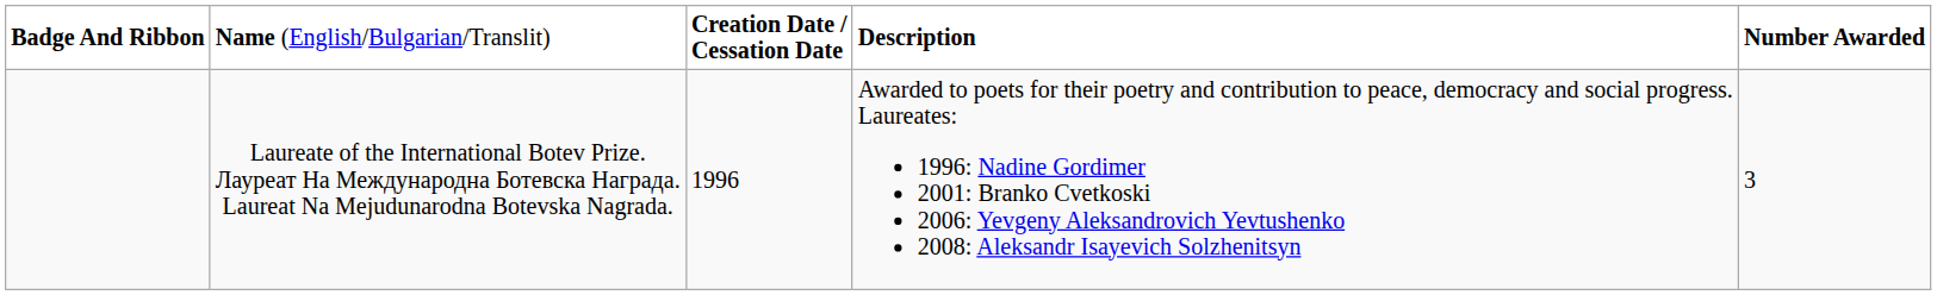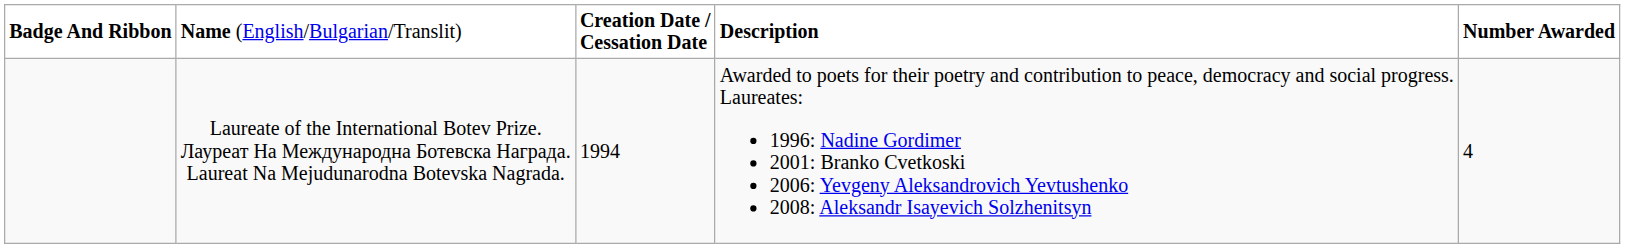 <table class="wikitable">
 <tr bgcolor="#FFFFFF">
 <td><strong>Badge And Ribbon</strong></td>
 <td><strong>Name</strong> (<a href='#'>English</a>/<a href='#'>Bulgarian</a>/Translit)</td>
 <td><strong>Creation Date /<br>Cessation Date</strong></td>
 <td><strong>Description</strong></td>
 <td><strong>Number Awarded</strong></td>
 </tr>
 <tr>
 <td></td>
 <td style="text-align:center;">Laureate of the International Botev Prize.<br>Лауреат На Международна Ботевска Награда.<br>Laureat Na Mejudunarodna Botevska Nagrada.</td>
-<td>1996</td>
+<td>1994</td>
 <td>Awarded to poets for their poetry and contribution to peace, democracy and social progress.<br>Laureates:<br><ul><li>1996: <a href='#'>Nadine Gordimer</a> </li><li>2001: Branko Cvetkoski </li><li>2006: <a href='#'>Yevgeny Aleksandrovich Yevtushenko</a> </li><li>2008: <a href='#'>Aleksandr Isayevich Solzhenitsyn</a> </li></ul></td>
-<td>3</td>
+<td>4</td>
 </tr>
 </table>
